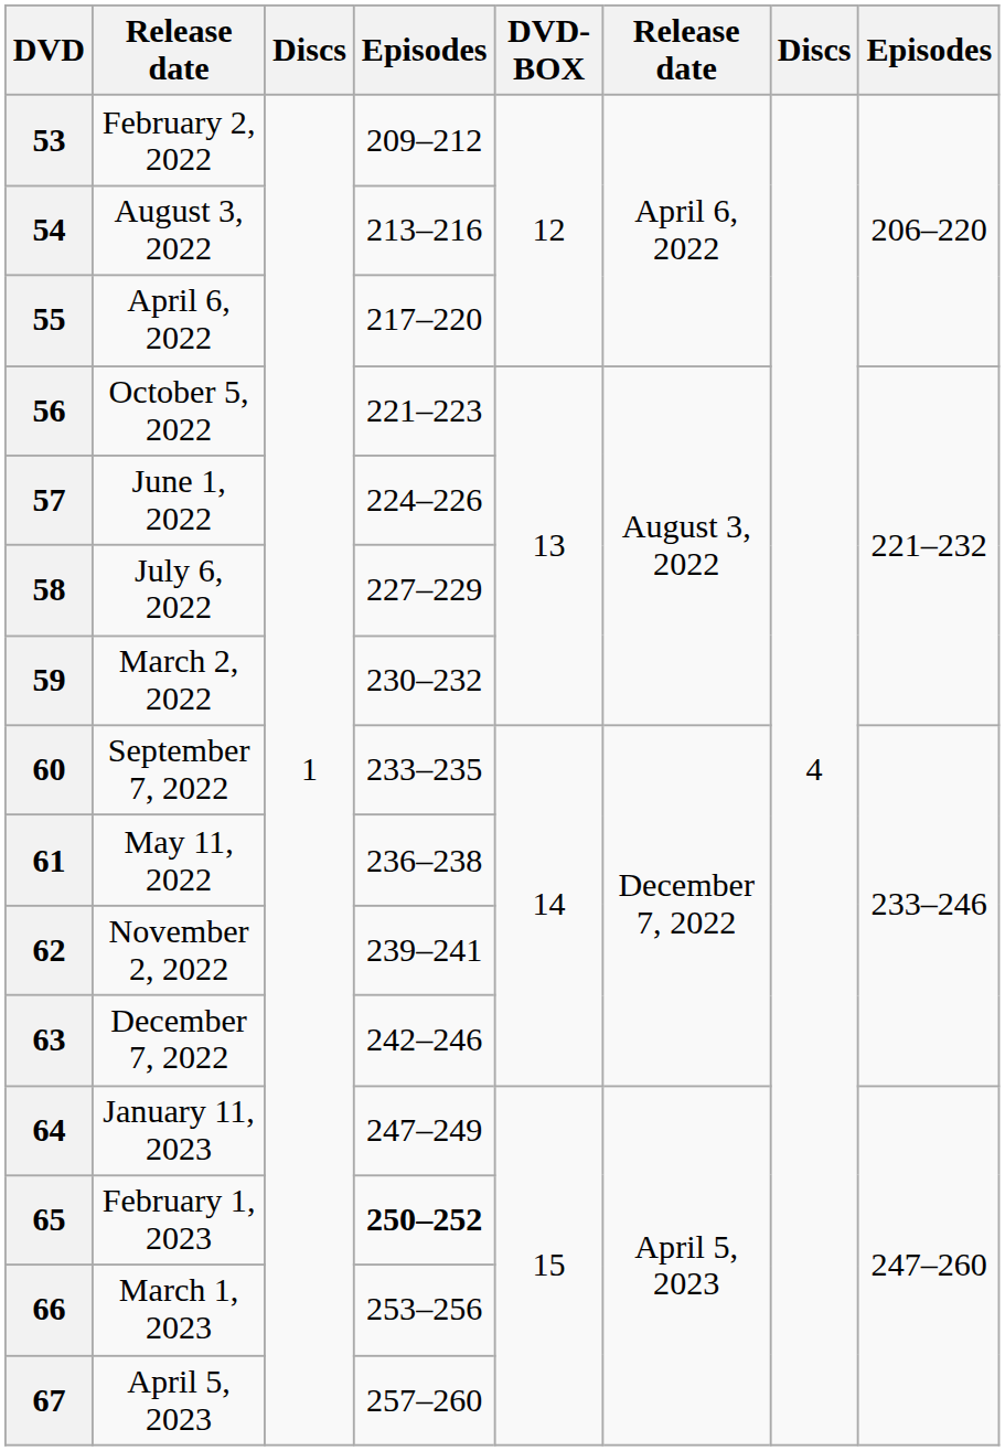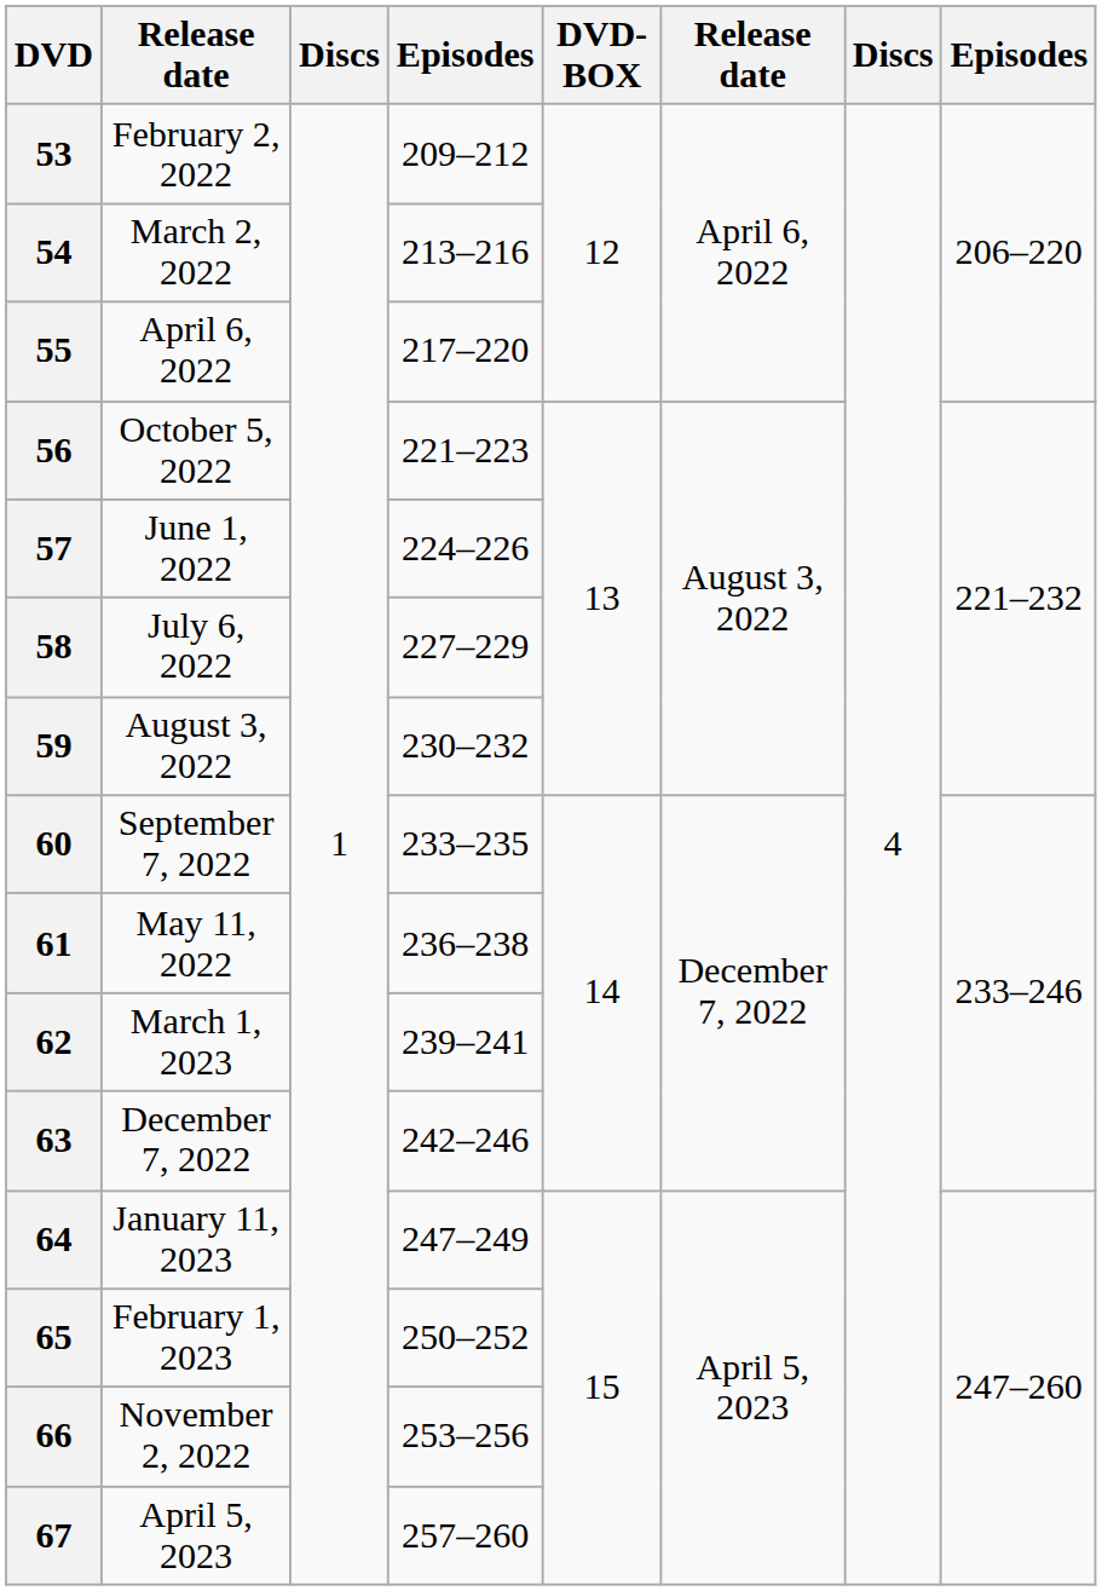 <table class="wikitable" style="text-align: center; width: 38%;">
 <tr>
 <th scope="col" 175px;>DVD</th>
 <th scope="col" 125px;>Release date</th>
 <th scope="col">Discs</th>
 <th scope="col">Episodes</th>
 <th scope="col">DVD-BOX</th>
 <th scope="col">Release date</th>
 <th scope="col">Discs</th>
 <th scope="col">Episodes</th>
 </tr>
 <tr>
 <th scope="row">53</th>
 <td>February 2, 2022</td>
 <td rowspan="15">1</td>
 <td>209–212</td>
 <td rowspan="3">12</td>
 <td rowspan="3">April 6, 2022</td>
 <td rowspan="15">4</td>
 <td rowspan="3">206–220</td>
 </tr>
 <tr>
 <th scope="row">54</th>
-<td>August 3, 2022</td>
+<td>March 2, 2022</td>
 <td>213–216</td>
 </tr>
 <tr>
 <th scope="row">55</th>
 <td>April 6, 2022</td>
 <td>217–220</td>
 </tr>
 <tr>
 <th scope="row">56</th>
 <td>October 5, 2022</td>
 <td>221–223</td>
 <td rowspan="4">13</td>
 <td rowspan="4">August 3, 2022</td>
 <td rowspan="4">221–232</td>
 </tr>
 <tr>
 <th scope="row">57</th>
 <td>June 1, 2022</td>
 <td>224–226</td>
 </tr>
 <tr>
 <th scope="row">58</th>
 <td>July 6, 2022</td>
 <td>227–229</td>
 </tr>
 <tr>
 <th scope="row">59</th>
-<td>March 2, 2022</td>
+<td>August 3, 2022</td>
 <td>230–232</td>
 </tr>
 <tr>
 <th scope="row">60</th>
 <td>September 7, 2022</td>
 <td>233–235</td>
 <td rowspan="4">14</td>
 <td rowspan="4">December 7, 2022</td>
 <td rowspan="4">233–246</td>
 </tr>
 <tr>
 <th scope="row">61</th>
 <td>May 11, 2022</td>
 <td>236–238</td>
 </tr>
 <tr>
 <th scope="row">62</th>
-<td>November 2, 2022</td>
+<td>March 1, 2023</td>
 <td>239–241</td>
 </tr>
 <tr>
 <th scope="row">63</th>
 <td>December 7, 2022</td>
 <td>242–246</td>
 </tr>
 <tr>
 <th scope="row">64</th>
 <td>January 11, 2023</td>
 <td>247–249</td>
 <td rowspan="4">15</td>
 <td rowspan="4">April 5, 2023</td>
 <td rowspan="4">247–260</td>
 </tr>
 <tr>
 <th scope="row">65</th>
 <td>February 1, 2023</td>
-<td><strong>250–252</strong></td>
+<td>250–252</td>
 </tr>
 <tr>
 <th scope="row">66</th>
-<td>March 1, 2023</td>
+<td>November 2, 2022</td>
 <td>253–256</td>
 </tr>
 <tr>
 <th scope="row">67</th>
 <td>April 5, 2023</td>
 <td>257–260</td>
 </tr>
 </table>
